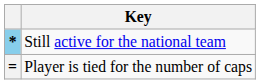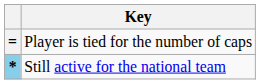 <table class="wikitable">
 <tr>
 <th></th>
 <th style="align: left">Key</th>
 </tr>
 <tr>
+<th scope=col>=</th>
+<td>Player is tied for the number of caps</td>
+</tr>
+<tr>
 <th scope=col style="background:#87CEEB;">*</th>
 <td>Still <a href='#'>active for the national team</a></td>
 </tr>
-<tr>
-<th scope=col>=</th>
-<td>Player is tied for the number of caps</td>
-</tr>
 </table>
